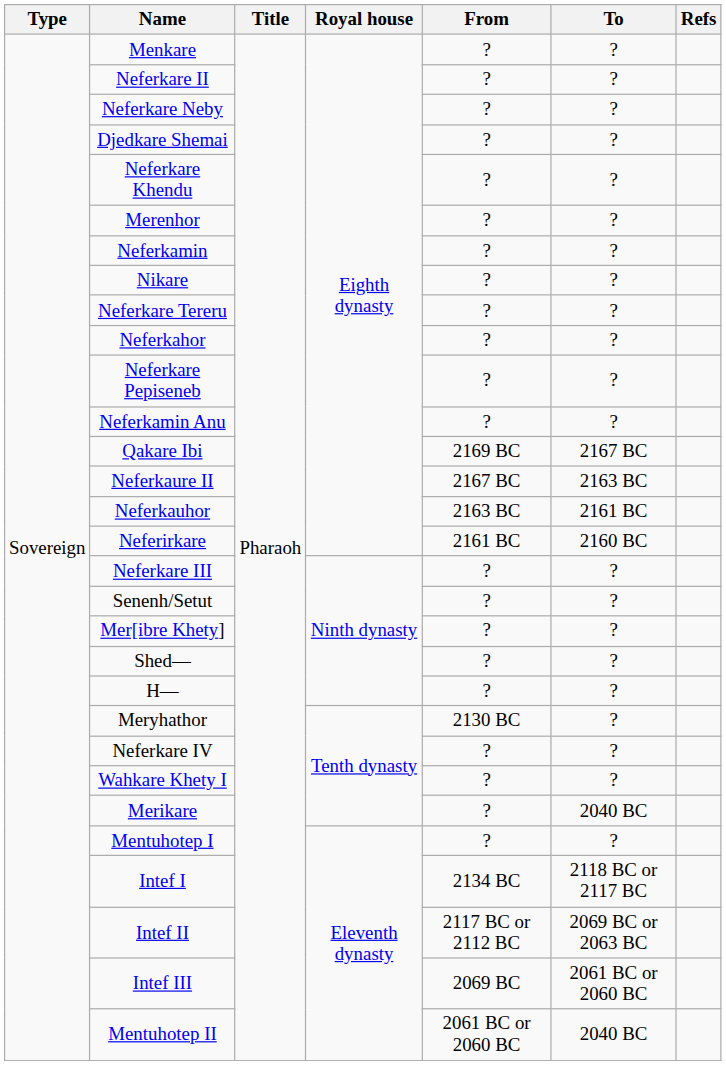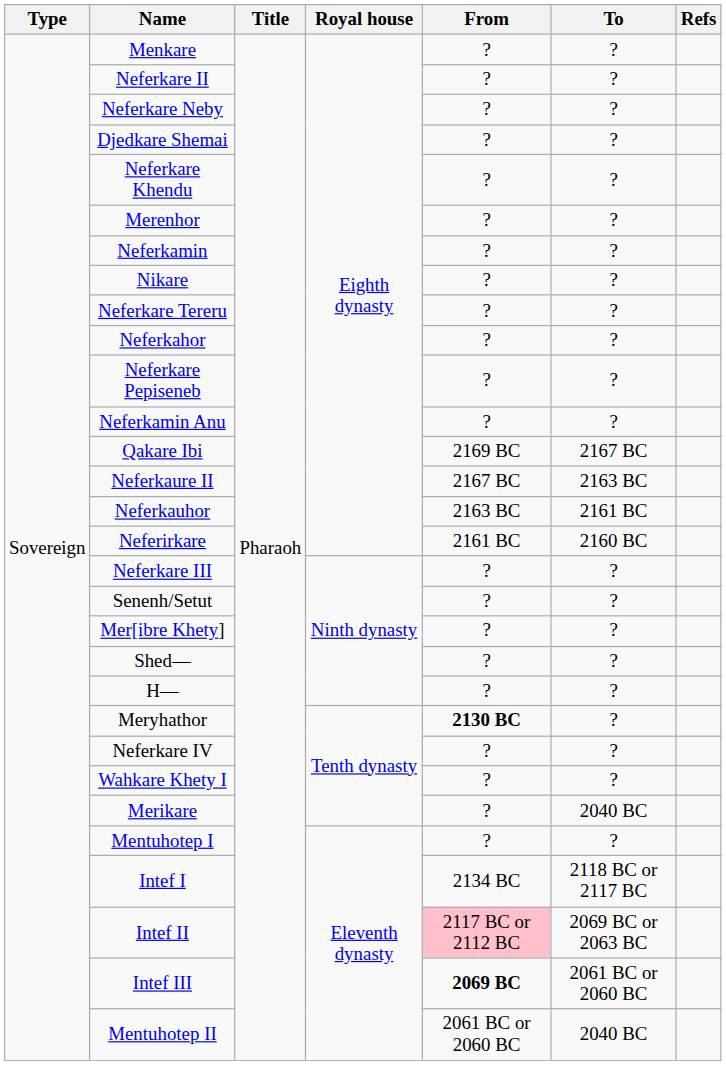 <table style="text-align:center;" class="wikitable">
 <tr>
 <th>Type</th>
 <th>Name</th>
 <th>Title</th>
 <th>Royal house</th>
 <th>From</th>
 <th>To</th>
 <th>Refs</th>
 </tr>
 <tr>
 <td rowspan="30">Sovereign</td>
 <td><a href='#'>Menkare</a></td>
 <td rowspan="30">Pharaoh</td>
 <td rowspan="16"><a href='#'>Eighth dynasty</a></td>
 <td>?</td>
 <td>?</td>
 <td></td>
 </tr>
 <tr>
 <td><a href='#'>Neferkare II</a></td>
 <td>?</td>
 <td>?</td>
 <td></td>
 </tr>
 <tr>
 <td><a href='#'>Neferkare Neby</a></td>
 <td>?</td>
 <td>?</td>
 <td></td>
 </tr>
 <tr>
 <td><a href='#'>Djedkare Shemai</a></td>
 <td>?</td>
 <td>?</td>
 <td></td>
 </tr>
 <tr>
 <td><a href='#'>Neferkare Khendu</a></td>
 <td>?</td>
 <td>?</td>
 <td></td>
 </tr>
 <tr>
 <td><a href='#'>Merenhor</a></td>
 <td>?</td>
 <td>?</td>
 <td></td>
 </tr>
 <tr>
 <td><a href='#'>Neferkamin</a></td>
 <td>?</td>
 <td>?</td>
 <td></td>
 </tr>
 <tr>
 <td><a href='#'>Nikare</a></td>
 <td>?</td>
 <td>?</td>
 <td></td>
 </tr>
 <tr>
 <td><a href='#'>Neferkare Tereru</a></td>
 <td>?</td>
 <td>?</td>
 <td></td>
 </tr>
 <tr>
 <td><a href='#'>Neferkahor</a></td>
 <td>?</td>
 <td>?</td>
 <td></td>
 </tr>
 <tr>
 <td><a href='#'>Neferkare Pepiseneb</a></td>
 <td>?</td>
 <td>?</td>
 <td></td>
 </tr>
 <tr>
 <td><a href='#'>Neferkamin Anu</a></td>
 <td>?</td>
 <td>?</td>
 <td></td>
 </tr>
 <tr>
 <td><a href='#'>Qakare Ibi</a></td>
 <td>2169 BC</td>
 <td>2167 BC</td>
 <td></td>
 </tr>
 <tr>
 <td><a href='#'>Neferkaure II</a></td>
 <td>2167 BC</td>
 <td>2163 BC</td>
 <td></td>
 </tr>
 <tr>
 <td><a href='#'>Neferkauhor</a></td>
 <td>2163 BC</td>
 <td>2161 BC</td>
 <td></td>
 </tr>
 <tr>
 <td><a href='#'>Neferirkare</a></td>
 <td>2161 BC</td>
 <td>2160 BC</td>
 <td></td>
 </tr>
 <tr>
 <td><a href='#'>Neferkare III</a></td>
 <td rowspan="5"><a href='#'>Ninth dynasty</a></td>
 <td>?</td>
 <td>?</td>
 <td></td>
 </tr>
 <tr>
 <td>Senenh/Setut</td>
 <td>?</td>
 <td>?</td>
 <td></td>
 </tr>
 <tr>
 <td><a href='#'>Mer[ibre Khety</a>]</td>
 <td>?</td>
 <td>?</td>
 <td></td>
 </tr>
 <tr>
 <td>Shed—</td>
 <td>?</td>
 <td>?</td>
 <td></td>
 </tr>
 <tr>
 <td>H—</td>
 <td>?</td>
 <td>?</td>
 <td></td>
 </tr>
 <tr>
 <td>Meryhathor</td>
 <td rowspan="4"><a href='#'>Tenth dynasty</a></td>
-<td>2130 BC</td>
+<td><strong>2130 BC</strong></td>
 <td>?</td>
 <td></td>
 </tr>
 <tr>
 <td>Neferkare IV</td>
 <td>?</td>
 <td>?</td>
 <td></td>
 </tr>
 <tr>
 <td><a href='#'>Wahkare Khety I</a></td>
 <td>?</td>
 <td>?</td>
 <td></td>
 </tr>
 <tr>
 <td><a href='#'>Merikare</a></td>
 <td>?</td>
 <td>2040 BC</td>
 <td></td>
 </tr>
 <tr>
 <td><a href='#'>Mentuhotep I</a></td>
 <td rowspan="5"><a href='#'>Eleventh dynasty</a></td>
 <td>?</td>
 <td>?</td>
 <td></td>
 </tr>
 <tr>
 <td><a href='#'>Intef I</a></td>
 <td>2134 BC</td>
 <td>2118 BC or 2117 BC</td>
 <td></td>
 </tr>
 <tr>
 <td><a href='#'>Intef II</a></td>
-<td>2117 BC or 2112 BC</td>
+<td style="background: pink;">2117 BC or 2112 BC</td>
 <td>2069 BC or 2063 BC</td>
 <td></td>
 </tr>
 <tr>
 <td><a href='#'>Intef III</a></td>
-<td>2069 BC</td>
+<td><strong>2069 BC</strong></td>
 <td>2061 BC or 2060 BC</td>
 <td></td>
 </tr>
 <tr>
 <td><a href='#'>Mentuhotep II</a></td>
 <td>2061 BC or 2060 BC</td>
 <td>2040 BC</td>
 <td></td>
 </tr>
 </table>
